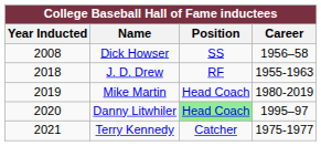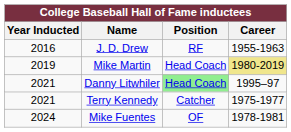 <table class="wikitable">
 <tr>
 <td colspan="4" style= "background:#782F40; color:white; text-align:center;"><strong>College Baseball Hall of Fame inductees</strong></td>
 </tr>
 <tr>
 <th>Year Inducted</th>
 <th>Name</th>
 <th>Position</th>
 <th>Career</th>
 </tr>
 <tr style="text-align:center;">
-<td>2008</td>
-<td><a href='#'>Dick Howser</a></td>
-<td><a href='#'>SS</a></td>
-<td>1956–58</td>
-</tr>
-<tr style="text-align:center;">
-<td>2018</td>
+<td>2016</td>
 <td><a href='#'>J. D. Drew</a></td>
 <td><a href='#'>RF</a></td>
 <td>1955-1963</td>
 </tr>
 <tr style="text-align:center;">
 <td>2019</td>
 <td><a href='#'>Mike Martin</a></td>
 <td><a href='#'>Head Coach</a></td>
-<td>1980-2019</td>
+<td style="background: khaki;">1980-2019</td>
 </tr>
 <tr style="text-align:center;">
-<td>2020</td>
+<td>2021</td>
 <td><a href='#'>Danny Litwhiler</a></td>
 <td style="background: lightgreen;"><a href='#'>Head Coach</a></td>
 <td>1995–97</td>
 </tr>
 <tr style="text-align:center;">
 <td>2021</td>
 <td><a href='#'>Terry Kennedy</a></td>
 <td><a href='#'>Catcher</a></td>
 <td>1975-1977</td>
 </tr>
+<tr style="text-align:center;">
+<td>2024</td>
+<td><a href='#'>Mike Fuentes</a></td>
+<td><a href='#'>OF</a></td>
+<td>1978-1981</td>
+</tr>
 </table>
